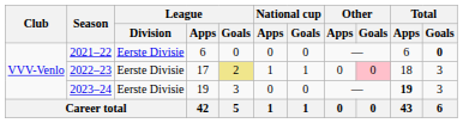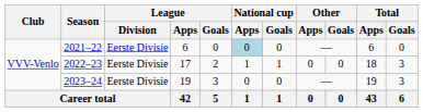 <table class="wikitable" style="text-align:center">
 <tr>
 <th rowspan="2">Club</th>
 <th rowspan="2">Season</th>
 <th colspan="3">League</th>
 <th colspan="2">National cup</th>
 <th colspan="2">Other</th>
 <th colspan="2">Total</th>
 </tr>
 <tr>
 <th>Division</th>
 <th>Apps</th>
 <th>Goals</th>
 <th>Apps</th>
 <th>Goals</th>
 <th>Apps</th>
 <th>Goals</th>
 <th>Apps</th>
 <th>Goals</th>
 </tr>
 <tr>
 <td rowspan="3"><a href='#'>VVV-Venlo</a></td>
 <td><a href='#'>2021–22</a></td>
 <td><a href='#'>Eerste Divisie</a></td>
 <td>6</td>
 <td>0</td>
-<td>0</td>
+<td style="background: lightblue;">0</td>
 <td>0</td>
 <td colspan="2">—</td>
 <td>6</td>
-<td><strong>0</strong></td>
+<td>0</td>
 </tr>
 <tr>
 <td><a href='#'>2022–23</a></td>
 <td>Eerste Divisie</td>
 <td>17</td>
-<td style="background: khaki;">2</td>
+<td>2</td>
 <td>1</td>
 <td>1</td>
 <td>0</td>
-<td style="background: pink;">0</td>
+<td>0</td>
 <td>18</td>
 <td>3</td>
 </tr>
 <tr>
 <td><a href='#'>2023–24</a></td>
 <td>Eerste Divisie</td>
 <td>19</td>
 <td>3</td>
 <td>0</td>
 <td>0</td>
 <td colspan="2">—</td>
-<td><strong>19</strong></td>
+<td>19</td>
 <td>3</td>
 </tr>
 <tr>
 <th colspan="3">Career total</th>
 <th>42</th>
 <th>5</th>
 <th>1</th>
 <th>1</th>
 <th>0</th>
 <th>0</th>
 <th>43</th>
 <th>6</th>
 </tr>
 </table>
